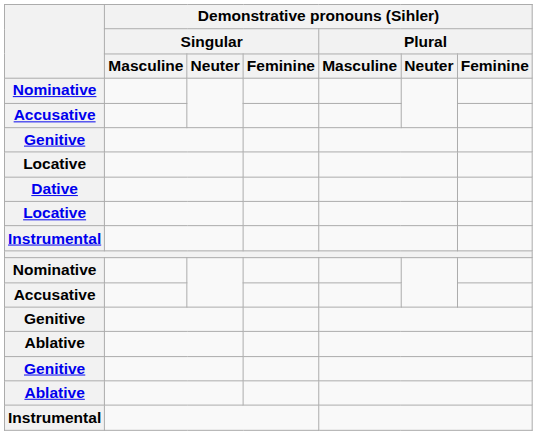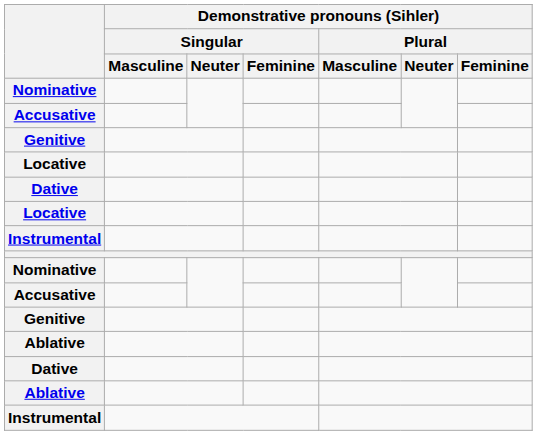 <table class="wikitable">
 <tr>
 <th rowspan="3"></th>
 <th colspan="6">Demonstrative pronouns (Sihler)</th>
 </tr>
 <tr>
 <th colspan="3">Singular</th>
 <th colspan="3">Plural</th>
 </tr>
 <tr>
 <th>Masculine</th>
 <th>Neuter</th>
 <th>Feminine</th>
 <th>Masculine</th>
 <th>Neuter</th>
 <th>Feminine</th>
 </tr>
 <tr>
 <th><a href='#'>Nominative</a></th>
 <td></td>
 <td rowspan=2></td>
 <td></td>
 <td></td>
 <td rowspan=2></td>
 <td></td>
 </tr>
 <tr>
 <th><a href='#'>Accusative</a></th>
 <td></td>
 <td></td>
 <td></td>
 <td></td>
 </tr>
 <tr>
 <th><a href='#'>Genitive</a></th>
 <td colspan=2></td>
 <td></td>
 <td colspan=2></td>
 <td></td>
 </tr>
 <tr>
 <th>Locative</th>
 <td colspan=2></td>
 <td></td>
 <td colspan=2></td>
 <td></td>
 </tr>
 <tr>
 <th><a href='#'>Dative</a></th>
 <td colspan=2></td>
 <td></td>
 <td colspan=2></td>
 <td></td>
 </tr>
 <tr>
 <th><a href='#'>Locative</a></th>
 <td colspan=2></td>
 <td></td>
 <td colspan=2></td>
 <td></td>
 </tr>
 <tr>
 <th><a href='#'>Instrumental</a></th>
 <td colspan=2></td>
 <td></td>
 <td colspan=2></td>
 <td></td>
 </tr>
 <tr>
 <th colspan=7></th>
 </tr>
 <tr>
 <th>Nominative</th>
 <td></td>
 <td rowspan=2></td>
 <td></td>
 <td></td>
 <td rowspan=2></td>
 <td></td>
 </tr>
 <tr>
 <th>Accusative</th>
 <td></td>
 <td></td>
 <td></td>
 <td></td>
 </tr>
 <tr>
 <th>Genitive</th>
 <td colspan=2></td>
 <td></td>
 <td colspan=3></td>
 </tr>
 <tr>
 <th>Ablative</th>
 <td colspan=2></td>
 <td></td>
 <td colspan=3></td>
 </tr>
 <tr>
-<th><a href='#'>Genitive</a></th>
+<th>Dative</th>
 <td colspan=2></td>
 <td></td>
 <td colspan=3></td>
 </tr>
 <tr>
 <th><a href='#'>Ablative</a></th>
 <td colspan=2></td>
 <td></td>
 <td colspan=3></td>
 </tr>
 <tr>
 <th>Instrumental</th>
 <td colspan=3></td>
 <td colspan=3></td>
 </tr>
 </table>
